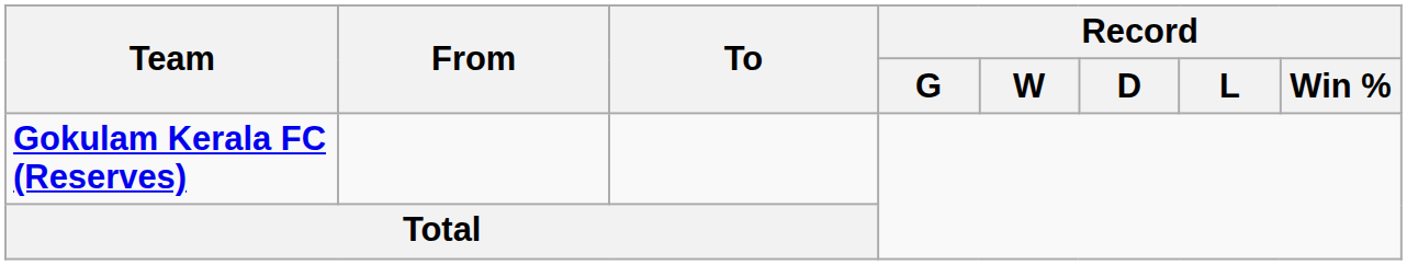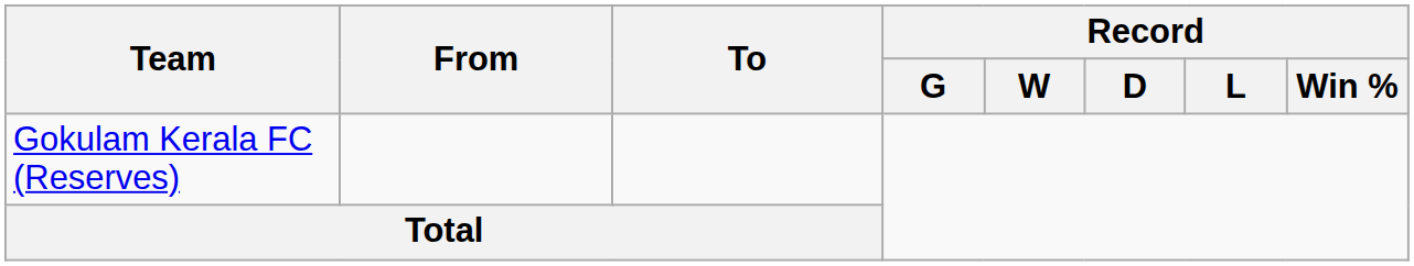 <table class="wikitable" style="text-align: center">
 <tr>
 <th rowspan=2! width=150>Team</th>
 <th rowspan=2! width=120>From</th>
 <th rowspan=2! width=120>To</th>
 <th colspan=7>Record</th>
 </tr>
 <tr>
 <th width=40>G</th>
 <th width=40>W</th>
 <th width=40>D</th>
 <th width=40>L</th>
 <th width=50>Win %</th>
 </tr>
 <tr>
-<td align=left><strong><a href='#'>Gokulam Kerala FC (Reserves)</a></strong></td>
+<td align=left><a href='#'>Gokulam Kerala FC (Reserves)</a></td>
 <td align=left></td>
 <td align=left><br></td>
 </tr>
 <tr>
 <th colspan="3">Total<br></th>
 </tr>
 </table>
